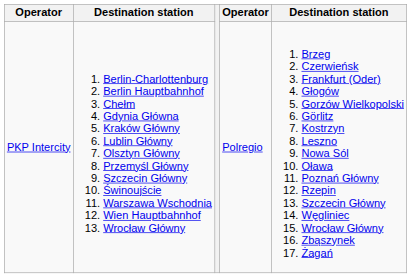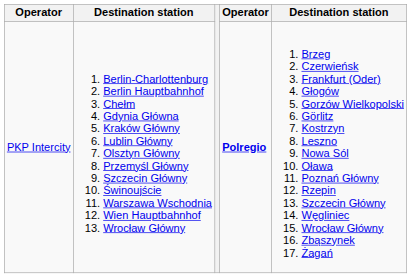 <table class="wikitable">
 <tr>
 <th>Operator</th>
 <th>Destination station</th>
 <th rowspan="2"></th>
 <th>Operator</th>
 <th>Destination station</th>
 </tr>
 <tr>
 <td><a href='#'>PKP Intercity</a></td>
 <td><br><ol><li><a href='#'>Berlin-Charlottenburg</a></li><li><a href='#'>Berlin Hauptbahnhof</a></li><li><a href='#'>Chełm</a></li><li><a href='#'>Gdynia Główna</a></li><li><a href='#'>Kraków Główny</a></li><li><a href='#'>Lublin Główny</a></li><li><a href='#'>Olsztyn Główny</a></li><li><a href='#'>Przemyśl Główny</a></li><li><a href='#'>Szczecin Główny</a></li><li><a href='#'>Świnoujście</a></li><li><a href='#'>Warszawa Wschodnia</a></li><li><a href='#'>Wien Hauptbahnhof</a></li><li><a href='#'>Wrocław Główny</a></li></ol></td>
-<td><a href='#'>Polregio</a></td>
+<td><strong><a href='#'>Polregio</a></strong></td>
 <td><br><ol><li><a href='#'>Brzeg</a></li><li><a href='#'>Czerwieńsk</a></li><li><a href='#'>Frankfurt (Oder)</a></li><li><a href='#'>Głogów</a></li><li><a href='#'>Gorzów Wielkopolski</a></li><li><a href='#'>Görlitz</a></li><li><a href='#'>Kostrzyn</a></li><li><a href='#'>Leszno</a></li><li><a href='#'>Nowa Sól</a></li><li><a href='#'>Oława</a></li><li><a href='#'>Poznań Główny</a></li><li><a href='#'>Rzepin</a></li><li><a href='#'>Szczecin Główny</a></li><li><a href='#'>Węgliniec</a></li><li><a href='#'>Wrocław Główny</a></li><li><a href='#'>Zbąszynek</a></li><li><a href='#'>Żagań</a></li></ol></td>
 </tr>
 </table>
